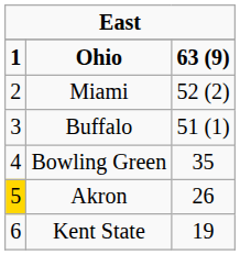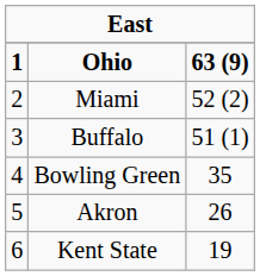 <table class="wikitable" style="display: inline-table;">
 <tr align="center">
 <td align="center" Colspan="3"><strong>East</strong></td>
 </tr>
 <tr align="center">
 </tr>
 <tr align="center">
 <td><strong>1</strong></td>
 <td><strong>Ohio</strong></td>
 <td><strong>63 (9)</strong></td>
 </tr>
 <tr align="center">
 <td>2</td>
 <td>Miami</td>
 <td>52 (2)</td>
 </tr>
 <tr align="center">
 <td>3</td>
 <td>Buffalo</td>
 <td>51 (1)</td>
 </tr>
 <tr align="center">
 <td>4</td>
 <td>Bowling Green</td>
 <td>35</td>
 </tr>
 <tr align="center">
-<td style="background: gold;">5</td>
+<td>5</td>
 <td>Akron</td>
 <td>26</td>
 </tr>
 <tr align="center">
 <td>6</td>
 <td>Kent State</td>
 <td>19</td>
 </tr>
 </table>
